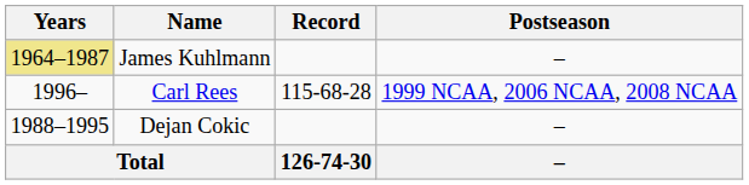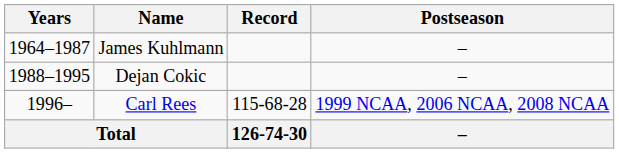 <table class= "wikitable" style="text-align:center">
 <tr>
 <th width=px>Years</th>
 <th width=px>Name</th>
 <th width=px>Record</th>
 <th width=px>Postseason</th>
 </tr>
 <tr>
-<td style="background: khaki;">1964–1987</td>
+<td>1964–1987</td>
 <td>James Kuhlmann</td>
+<td></td>
+<td>–</td>
+</tr>
+<tr>
+<td>1988–1995</td>
+<td>Dejan Cokic</td>
 <td></td>
 <td>–</td>
 </tr>
 <tr>
 <td>1996–</td>
 <td><a href='#'>Carl Rees</a></td>
 <td>115-68-28</td>
 <td><a href='#'>1999 NCAA</a>, <a href='#'>2006 NCAA</a>, <a href='#'>2008 NCAA</a></td>
 </tr>
 <tr>
-<td>1988–1995</td>
-<td>Dejan Cokic</td>
-<td></td>
-<td>–</td>
-</tr>
-<tr>
 <th colspan=2>Total</th>
 <th>126-74-30</th>
 <th>–</th>
 </tr>
 </table>
